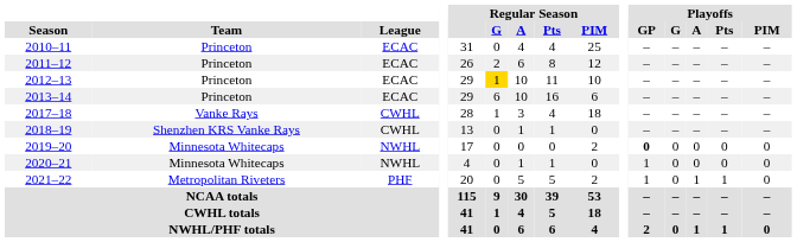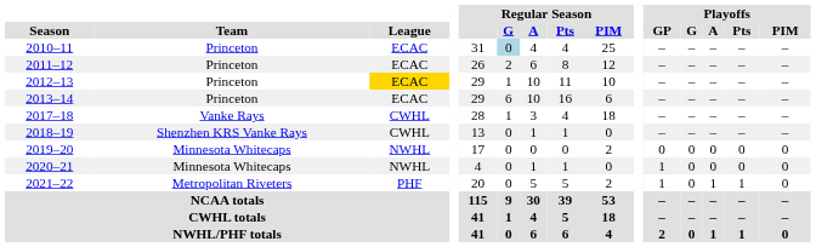 <table border="0" cellpadding="1" cellspacing="0" style="text-align:center; width:75%">
 <tr bgcolor="#e0e0e0">
 <th colspan="3"  bgcolor="#ffffff"> </th>
 <th rowspan="99" bgcolor="#ffffff"> </th>
 <th colspan="5">Regular Season</th>
 <th rowspan="99" bgcolor="#ffffff"> </th>
 <th colspan="5">Playoffs</th>
 </tr>
 <tr bgcolor="#e0e0e0">
 <th>Season</th>
 <th>Team</th>
 <th>League</th>
 <th></th>
 <th><a href='#'>G</a></th>
 <th><a href='#'>A</a></th>
 <th><a href='#'>Pts</a></th>
 <th><a href='#'>PIM</a></th>
 <th>GP</th>
 <th>G</th>
 <th>A</th>
 <th>Pts</th>
 <th>PIM</th>
 </tr>
 <tr>
 <td><a href='#'>2010–11</a></td>
 <td><a href='#'>Princeton</a></td>
 <td><a href='#'>ECAC</a></td>
 <td>31</td>
-<td>0</td>
+<td style="background: lightblue;">0</td>
 <td>4</td>
 <td>4</td>
 <td>25</td>
 <td>–</td>
 <td>–</td>
 <td>–</td>
 <td>–</td>
 <td>–</td>
 </tr>
 <tr bgcolor="#f0f0f0">
 <td><a href='#'>2011–12</a></td>
 <td>Princeton</td>
 <td>ECAC</td>
 <td>26</td>
 <td>2</td>
 <td>6</td>
 <td>8</td>
 <td>12</td>
 <td>–</td>
 <td>–</td>
 <td>–</td>
 <td>–</td>
 <td>–</td>
 </tr>
 <tr>
 <td><a href='#'>2012–13</a></td>
 <td>Princeton</td>
-<td>ECAC</td>
+<td style="background: gold;">ECAC</td>
 <td>29</td>
-<td style="background: gold;">1</td>
+<td>1</td>
 <td>10</td>
 <td>11</td>
 <td>10</td>
 <td>–</td>
 <td>–</td>
 <td>–</td>
 <td>–</td>
 <td>–</td>
 </tr>
 <tr bgcolor="#f0f0f0">
 <td><a href='#'>2013–14</a></td>
 <td>Princeton</td>
 <td>ECAC</td>
 <td>29</td>
 <td>6</td>
 <td>10</td>
 <td>16</td>
 <td>6</td>
 <td>–</td>
 <td>–</td>
 <td>–</td>
 <td>–</td>
 <td>–</td>
 </tr>
 <tr>
 <td><a href='#'>2017–18</a></td>
 <td><a href='#'>Vanke Rays</a></td>
 <td><a href='#'>CWHL</a></td>
 <td>28</td>
 <td>1</td>
 <td>3</td>
 <td>4</td>
 <td>18</td>
 <td>–</td>
 <td>–</td>
 <td>–</td>
 <td>–</td>
 <td>–</td>
 </tr>
 <tr bgcolor="#f0f0f0">
 <td><a href='#'>2018–19</a></td>
 <td><a href='#'>Shenzhen KRS Vanke Rays</a></td>
 <td>CWHL</td>
 <td>13</td>
 <td>0</td>
 <td>1</td>
 <td>1</td>
 <td>0</td>
 <td>–</td>
 <td>–</td>
 <td>–</td>
 <td>–</td>
 <td>–</td>
 </tr>
 <tr>
 <td><a href='#'>2019–20</a></td>
 <td><a href='#'>Minnesota Whitecaps</a></td>
 <td><a href='#'>NWHL</a></td>
 <td>17</td>
 <td>0</td>
 <td>0</td>
 <td>0</td>
 <td>2</td>
-<td><strong>0</strong></td>
+<td>0</td>
 <td>0</td>
 <td>0</td>
 <td>0</td>
 <td>0</td>
 </tr>
 <tr bgcolor="#f0f0f0">
 <td><a href='#'>2020–21</a></td>
 <td>Minnesota Whitecaps</td>
 <td>NWHL</td>
 <td>4</td>
 <td>0</td>
 <td>1</td>
 <td>1</td>
 <td>0</td>
 <td>1</td>
 <td>0</td>
 <td>0</td>
 <td>0</td>
 <td>0</td>
 </tr>
 <tr>
 <td><a href='#'>2021–22</a></td>
 <td><a href='#'>Metropolitan Riveters</a></td>
 <td><a href='#'>PHF</a></td>
 <td>20</td>
 <td>0</td>
 <td>5</td>
 <td>5</td>
 <td>2</td>
 <td>1</td>
 <td>0</td>
 <td>1</td>
 <td>1</td>
 <td>0</td>
 </tr>
 <tr bgcolor="#e0e0e0">
 <th colspan="3">NCAA totals</th>
 <th>115</th>
 <th>9</th>
 <th>30</th>
 <th>39</th>
 <th>53</th>
 <th>–</th>
 <th>–</th>
 <th>–</th>
 <th>–</th>
 <th>–</th>
 </tr>
 <tr bgcolor="#e0e0e0">
 <th colspan="3">CWHL totals</th>
 <th>41</th>
 <th>1</th>
 <th>4</th>
 <th>5</th>
 <th>18</th>
 <th>–</th>
 <th>–</th>
 <th>–</th>
 <th>–</th>
 <th>–</th>
 </tr>
 <tr bgcolor="#e0e0e0">
 <th colspan="3">NWHL/PHF totals</th>
 <th>41</th>
 <th>0</th>
 <th>6</th>
 <th>6</th>
 <th>4</th>
 <th>2</th>
 <th>0</th>
 <th>1</th>
 <th>1</th>
 <th>0</th>
 </tr>
 </table>
